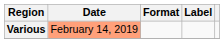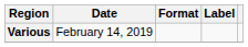 <table class="wikitable plainrowheaders">
 <tr>
 <th scope="col">Region</th>
 <th scope="col">Date</th>
 <th scope="col">Format</th>
 <th scope="col">Label</th>
 <th scope="col"></th>
 </tr>
 <tr>
 <th scope="row">Various</th>
-<td style="background: lightsalmon;">February 14, 2019</td>
+<td>February 14, 2019</td>
 <td></td>
 <td></td>
 <td></td>
 </tr>
 <tr>
 </tr>
 </table>
